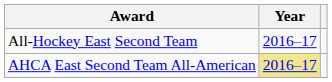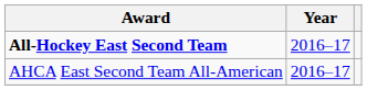 <table class="wikitable">
 <tr>
 <th>Award</th>
 <th>Year</th>
 <th></th>
 </tr>
 <tr>
-<td>All-<a href='#'>Hockey East</a> <a href='#'>Second Team</a></td>
+<td><strong>All-<a href='#'>Hockey East</a> <a href='#'>Second Team</a></strong></td>
 <td><a href='#'>2016–17</a></td>
 <td></td>
 </tr>
 <tr>
 <td><a href='#'>AHCA</a> <a href='#'>East Second Team All-American</a></td>
-<td style="background: khaki;"><a href='#'>2016–17</a></td>
+<td><a href='#'>2016–17</a></td>
 <td></td>
 </tr>
 <tr>
 </tr>
 </table>
